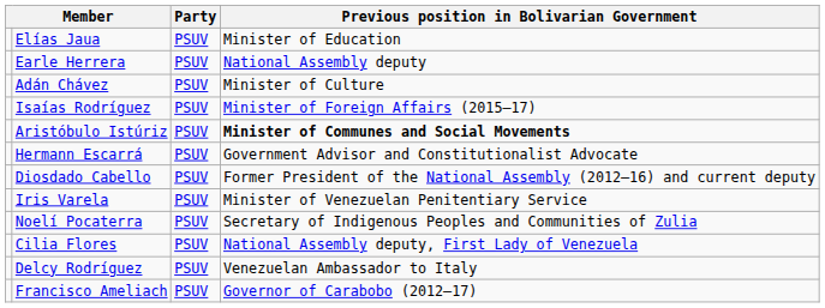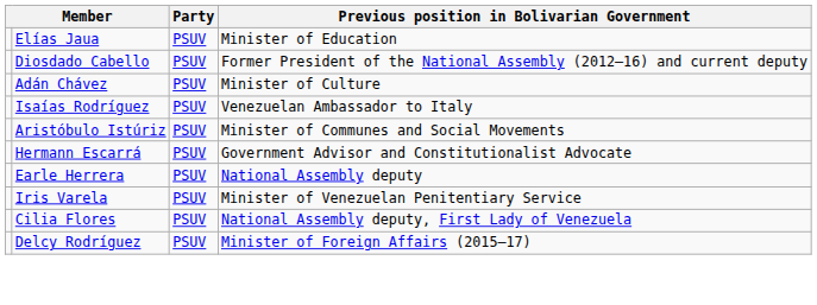 <table class="wikitable">
 <tr>
 <th colspan="2">Member</th>
 <th>Party</th>
 <th>Previous position in Bolivarian Government</th>
 </tr>
 <tr>
 <td style="background-color:"></td>
 <td><a href='#'>Elías Jaua</a></td>
 <td><a href='#'>PSUV</a></td>
 <td>Minister of Education</td>
 </tr>
 <tr>
 <td style="background-color:"></td>
-<td><a href='#'>Earle Herrera</a></td>
+<td><a href='#'>Diosdado Cabello</a></td>
 <td><a href='#'>PSUV</a></td>
-<td><a href='#'>National Assembly</a> deputy</td>
+<td>Former President of the <a href='#'>National Assembly</a> (2012–16) and current deputy</td>
 </tr>
 <tr>
 <td style="background-color:"></td>
 <td><a href='#'>Adán Chávez</a></td>
 <td><a href='#'>PSUV</a></td>
 <td>Minister of Culture</td>
 </tr>
 <tr>
 <td style="background-color:"></td>
 <td><a href='#'>Isaías Rodríguez</a></td>
 <td><a href='#'>PSUV</a></td>
-<td><a href='#'>Minister of Foreign Affairs</a> (2015–17)</td>
+<td>Venezuelan Ambassador to Italy</td>
 </tr>
 <tr>
 <td style="background-color:"></td>
 <td><a href='#'>Aristóbulo Istúriz</a></td>
 <td><a href='#'>PSUV</a></td>
-<td><strong>Minister of Communes and Social Movements</strong></td>
+<td>Minister of Communes and Social Movements</td>
 </tr>
 <tr>
 <td style="background-color:"></td>
 <td><a href='#'>Hermann Escarrá</a></td>
 <td><a href='#'>PSUV</a></td>
 <td>Government Advisor and Constitutionalist Advocate</td>
 </tr>
 <tr>
 <td style="background-color:"></td>
-<td><a href='#'>Diosdado Cabello</a></td>
+<td><a href='#'>Earle Herrera</a></td>
 <td><a href='#'>PSUV</a></td>
-<td>Former President of the <a href='#'>National Assembly</a> (2012–16) and current deputy</td>
+<td><a href='#'>National Assembly</a> deputy</td>
 </tr>
 <tr>
 <td style="background-color:"></td>
 <td><a href='#'>Iris Varela</a></td>
 <td><a href='#'>PSUV</a></td>
 <td>Minister of Venezuelan Penitentiary Service</td>
-</tr>
-<tr>
-<td style="background-color:"></td>
-<td><a href='#'>Noelí Pocaterra</a></td>
-<td><a href='#'>PSUV</a></td>
-<td>Secretary of Indigenous Peoples and Communities of <a href='#'>Zulia</a></td>
 </tr>
 <tr>
 <td style="background-color:"></td>
 <td><a href='#'>Cilia Flores</a></td>
 <td><a href='#'>PSUV</a></td>
 <td><a href='#'>National Assembly</a> deputy, <a href='#'>First Lady of Venezuela</a></td>
 </tr>
 <tr>
 <td style="background-color:"></td>
 <td><a href='#'>Delcy Rodríguez</a></td>
 <td><a href='#'>PSUV</a></td>
-<td>Venezuelan Ambassador to Italy</td>
-</tr>
-<tr>
-<td style="background-color:"></td>
-<td><a href='#'>Francisco Ameliach</a></td>
-<td><a href='#'>PSUV</a></td>
-<td><a href='#'>Governor of Carabobo</a> (2012–17)</td>
+<td><a href='#'>Minister of Foreign Affairs</a> (2015–17)</td>
 </tr>
 </table>
